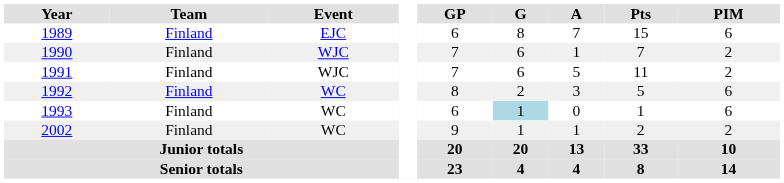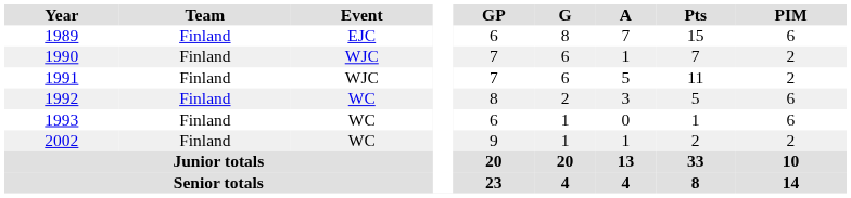 <table border="0" cellpadding="1" cellspacing="0" style="text-align:center; width:50em">
 <tr ALIGN="center" bgcolor="#e0e0e0">
 <th>Year</th>
 <th>Team</th>
 <th>Event</th>
 <th rowspan="99" bgcolor="#ffffff"> </th>
 <th>GP</th>
 <th>G</th>
 <th>A</th>
 <th>Pts</th>
 <th>PIM</th>
 </tr>
 <tr>
 <td><a href='#'>1989</a></td>
 <td><a href='#'>Finland</a></td>
 <td><a href='#'>EJC</a></td>
 <td>6</td>
 <td>8</td>
 <td>7</td>
 <td>15</td>
 <td>6</td>
 </tr>
 <tr bgcolor="#f0f0f0">
 <td><a href='#'>1990</a></td>
 <td>Finland</td>
 <td><a href='#'>WJC</a></td>
 <td>7</td>
 <td>6</td>
 <td>1</td>
 <td>7</td>
 <td>2</td>
 </tr>
 <tr>
 <td><a href='#'>1991</a></td>
 <td>Finland</td>
 <td>WJC</td>
 <td>7</td>
 <td>6</td>
 <td>5</td>
 <td>11</td>
 <td>2</td>
 </tr>
 <tr bgcolor="#f0f0f0">
 <td><a href='#'>1992</a></td>
 <td><a href='#'>Finland</a></td>
 <td><a href='#'>WC</a></td>
 <td>8</td>
 <td>2</td>
 <td>3</td>
 <td>5</td>
 <td>6</td>
 </tr>
 <tr>
 <td><a href='#'>1993</a></td>
 <td>Finland</td>
 <td>WC</td>
 <td>6</td>
-<td style="background: lightblue;">1</td>
+<td>1</td>
 <td>0</td>
 <td>1</td>
 <td>6</td>
 </tr>
 <tr bgcolor="#f0f0f0">
 <td><a href='#'>2002</a></td>
 <td>Finland</td>
 <td>WC</td>
 <td>9</td>
 <td>1</td>
 <td>1</td>
 <td>2</td>
 <td>2</td>
 </tr>
 <tr bgcolor="#e0e0e0">
 <th colspan=3>Junior totals</th>
 <th>20</th>
 <th>20</th>
 <th>13</th>
 <th>33</th>
 <th>10</th>
 </tr>
 <tr bgcolor="#e0e0e0">
 <th colspan=3>Senior totals</th>
 <th>23</th>
 <th>4</th>
 <th>4</th>
 <th>8</th>
 <th>14</th>
 </tr>
 </table>
